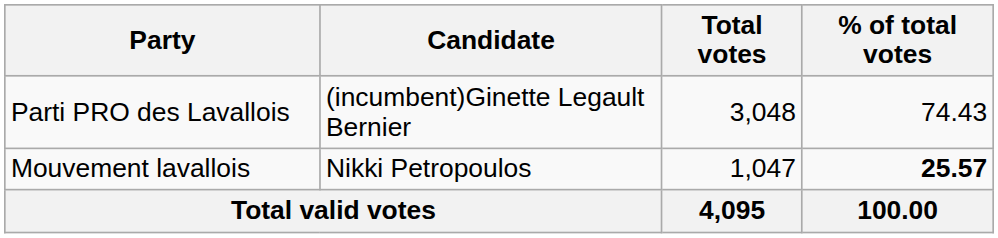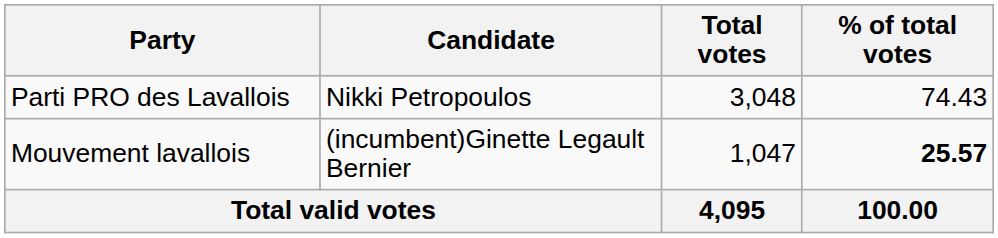 <table style="width:600px;" class="wikitable">
 <tr style="background-color:#E9E9E9">
 <th colspan="2" style="width: 200px">Party</th>
 <th colspan="1" style="width: 200px">Candidate</th>
 <th align="right">Total votes</th>
 <th align="right">% of total votes</th>
 </tr>
 <tr>
 <td colspan="2" align="left">Parti PRO des Lavallois</td>
-<td align="left">(incumbent)Ginette Legault Bernier</td>
+<td align="left">Nikki Petropoulos</td>
 <td align="right">3,048</td>
 <td align="right">74.43</td>
 </tr>
 <tr>
 <td colspan="2" align="left">Mouvement lavallois</td>
-<td align="left">Nikki Petropoulos</td>
+<td align="left">(incumbent)Ginette Legault Bernier</td>
 <td align="right">1,047</td>
 <td align="right"><strong>25.57</strong></td>
 </tr>
 <tr bgcolor="#EEEEEE">
 <th colspan="3"  align="left">Total valid votes</th>
 <th align="right">4,095</th>
 <th align="right">100.00</th>
 </tr>
 </table>
